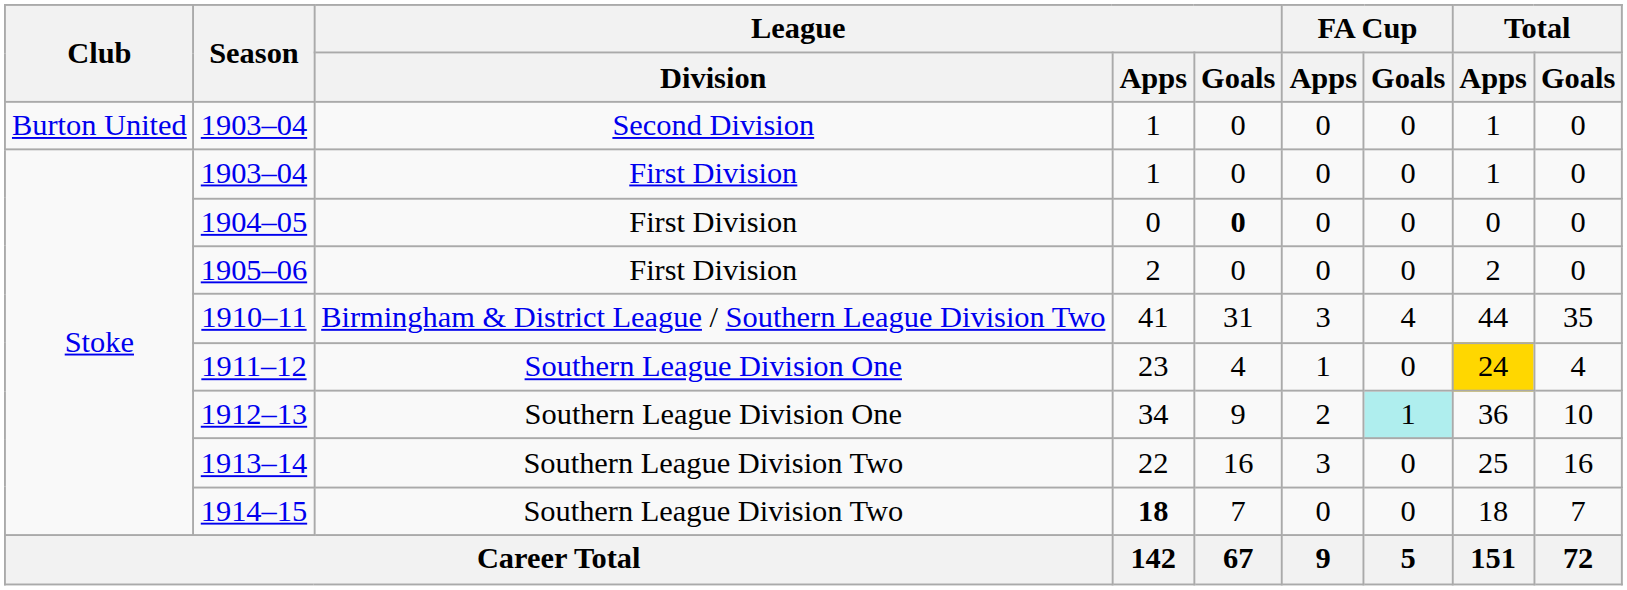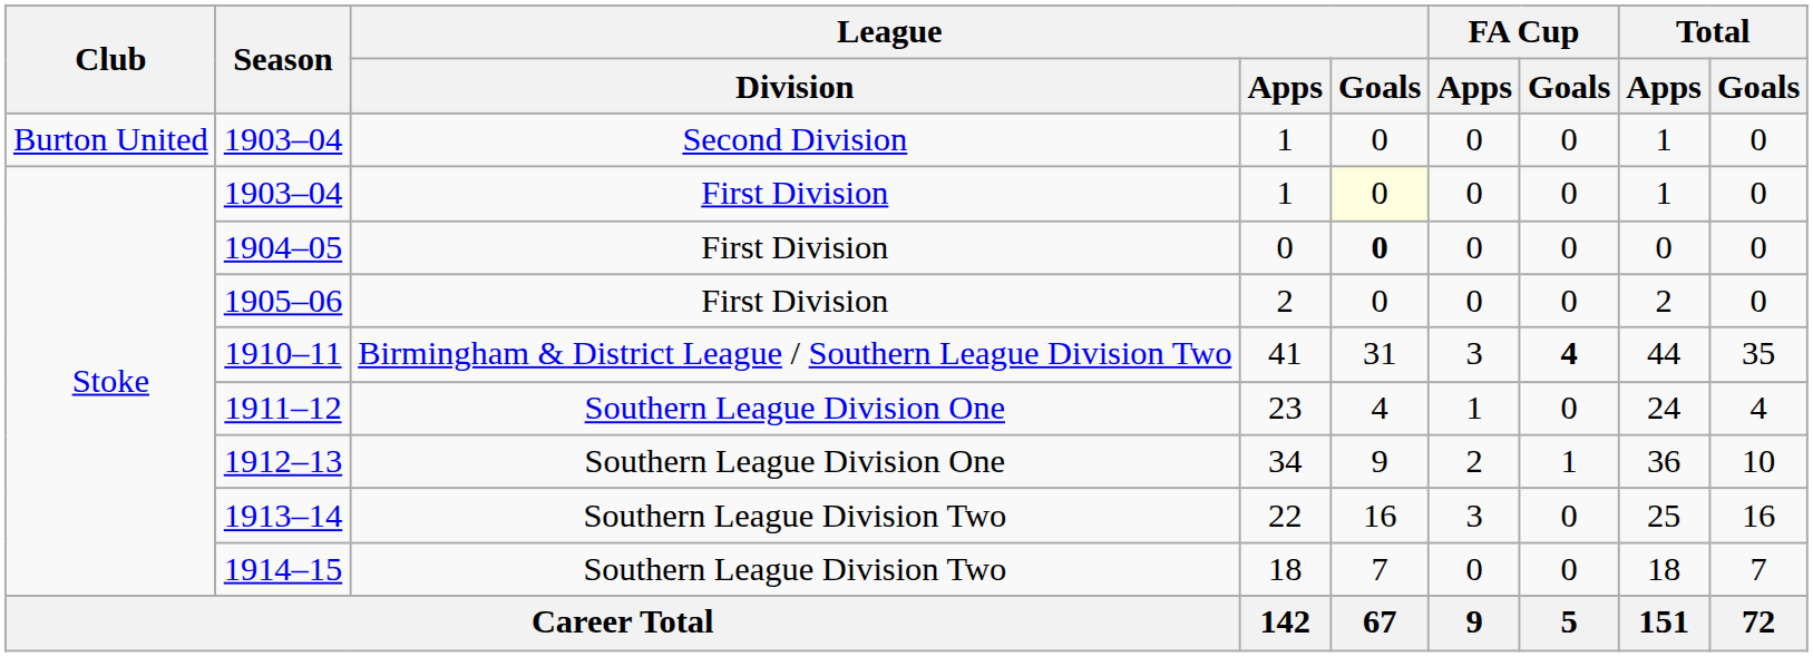 <table class="wikitable" style="text-align: center;">
 <tr>
 <th rowspan="2">Club</th>
 <th rowspan="2">Season</th>
 <th colspan="3">League</th>
 <th colspan="2">FA Cup</th>
 <th colspan="2">Total</th>
 </tr>
 <tr>
 <th>Division</th>
 <th>Apps</th>
 <th>Goals</th>
 <th>Apps</th>
 <th>Goals</th>
 <th>Apps</th>
 <th>Goals</th>
 </tr>
 <tr>
 <td><a href='#'>Burton United</a></td>
 <td><a href='#'>1903–04</a></td>
 <td><a href='#'>Second Division</a></td>
 <td>1</td>
 <td>0</td>
 <td>0</td>
 <td>0</td>
 <td>1</td>
 <td>0</td>
 </tr>
 <tr>
 <td rowspan="8"><a href='#'>Stoke</a></td>
 <td><a href='#'>1903–04</a></td>
 <td><a href='#'>First Division</a></td>
 <td>1</td>
-<td>0</td>
+<td style="background: lightyellow;">0</td>
 <td>0</td>
 <td>0</td>
 <td>1</td>
 <td>0</td>
 </tr>
 <tr>
 <td><a href='#'>1904–05</a></td>
 <td>First Division</td>
 <td>0</td>
 <td><strong>0</strong></td>
 <td>0</td>
 <td>0</td>
 <td>0</td>
 <td>0</td>
 </tr>
 <tr>
 <td><a href='#'>1905–06</a></td>
 <td>First Division</td>
 <td>2</td>
 <td>0</td>
 <td>0</td>
 <td>0</td>
 <td>2</td>
 <td>0</td>
 </tr>
 <tr>
 <td><a href='#'>1910–11</a></td>
 <td><a href='#'>Birmingham & District League</a> / <a href='#'>Southern League Division Two</a></td>
 <td>41</td>
 <td>31</td>
 <td>3</td>
-<td>4</td>
+<td><strong>4</strong></td>
 <td>44</td>
 <td>35</td>
 </tr>
 <tr>
 <td><a href='#'>1911–12</a></td>
 <td><a href='#'>Southern League Division One</a></td>
 <td>23</td>
 <td>4</td>
 <td>1</td>
 <td>0</td>
-<td style="background: gold;">24</td>
+<td>24</td>
 <td>4</td>
 </tr>
 <tr>
 <td><a href='#'>1912–13</a></td>
 <td>Southern League Division One</td>
 <td>34</td>
 <td>9</td>
 <td>2</td>
-<td style="background: paleturquoise;">1</td>
+<td>1</td>
 <td>36</td>
 <td>10</td>
 </tr>
 <tr>
 <td><a href='#'>1913–14</a></td>
 <td>Southern League Division Two</td>
 <td>22</td>
 <td>16</td>
 <td>3</td>
 <td>0</td>
 <td>25</td>
 <td>16</td>
 </tr>
 <tr>
 <td><a href='#'>1914–15</a></td>
 <td>Southern League Division Two</td>
-<td><strong>18</strong></td>
+<td>18</td>
 <td>7</td>
 <td>0</td>
 <td>0</td>
 <td>18</td>
 <td>7</td>
 </tr>
 <tr>
 <th colspan="3">Career Total</th>
 <th>142</th>
 <th>67</th>
 <th>9</th>
 <th>5</th>
 <th>151</th>
 <th>72</th>
 </tr>
 </table>
